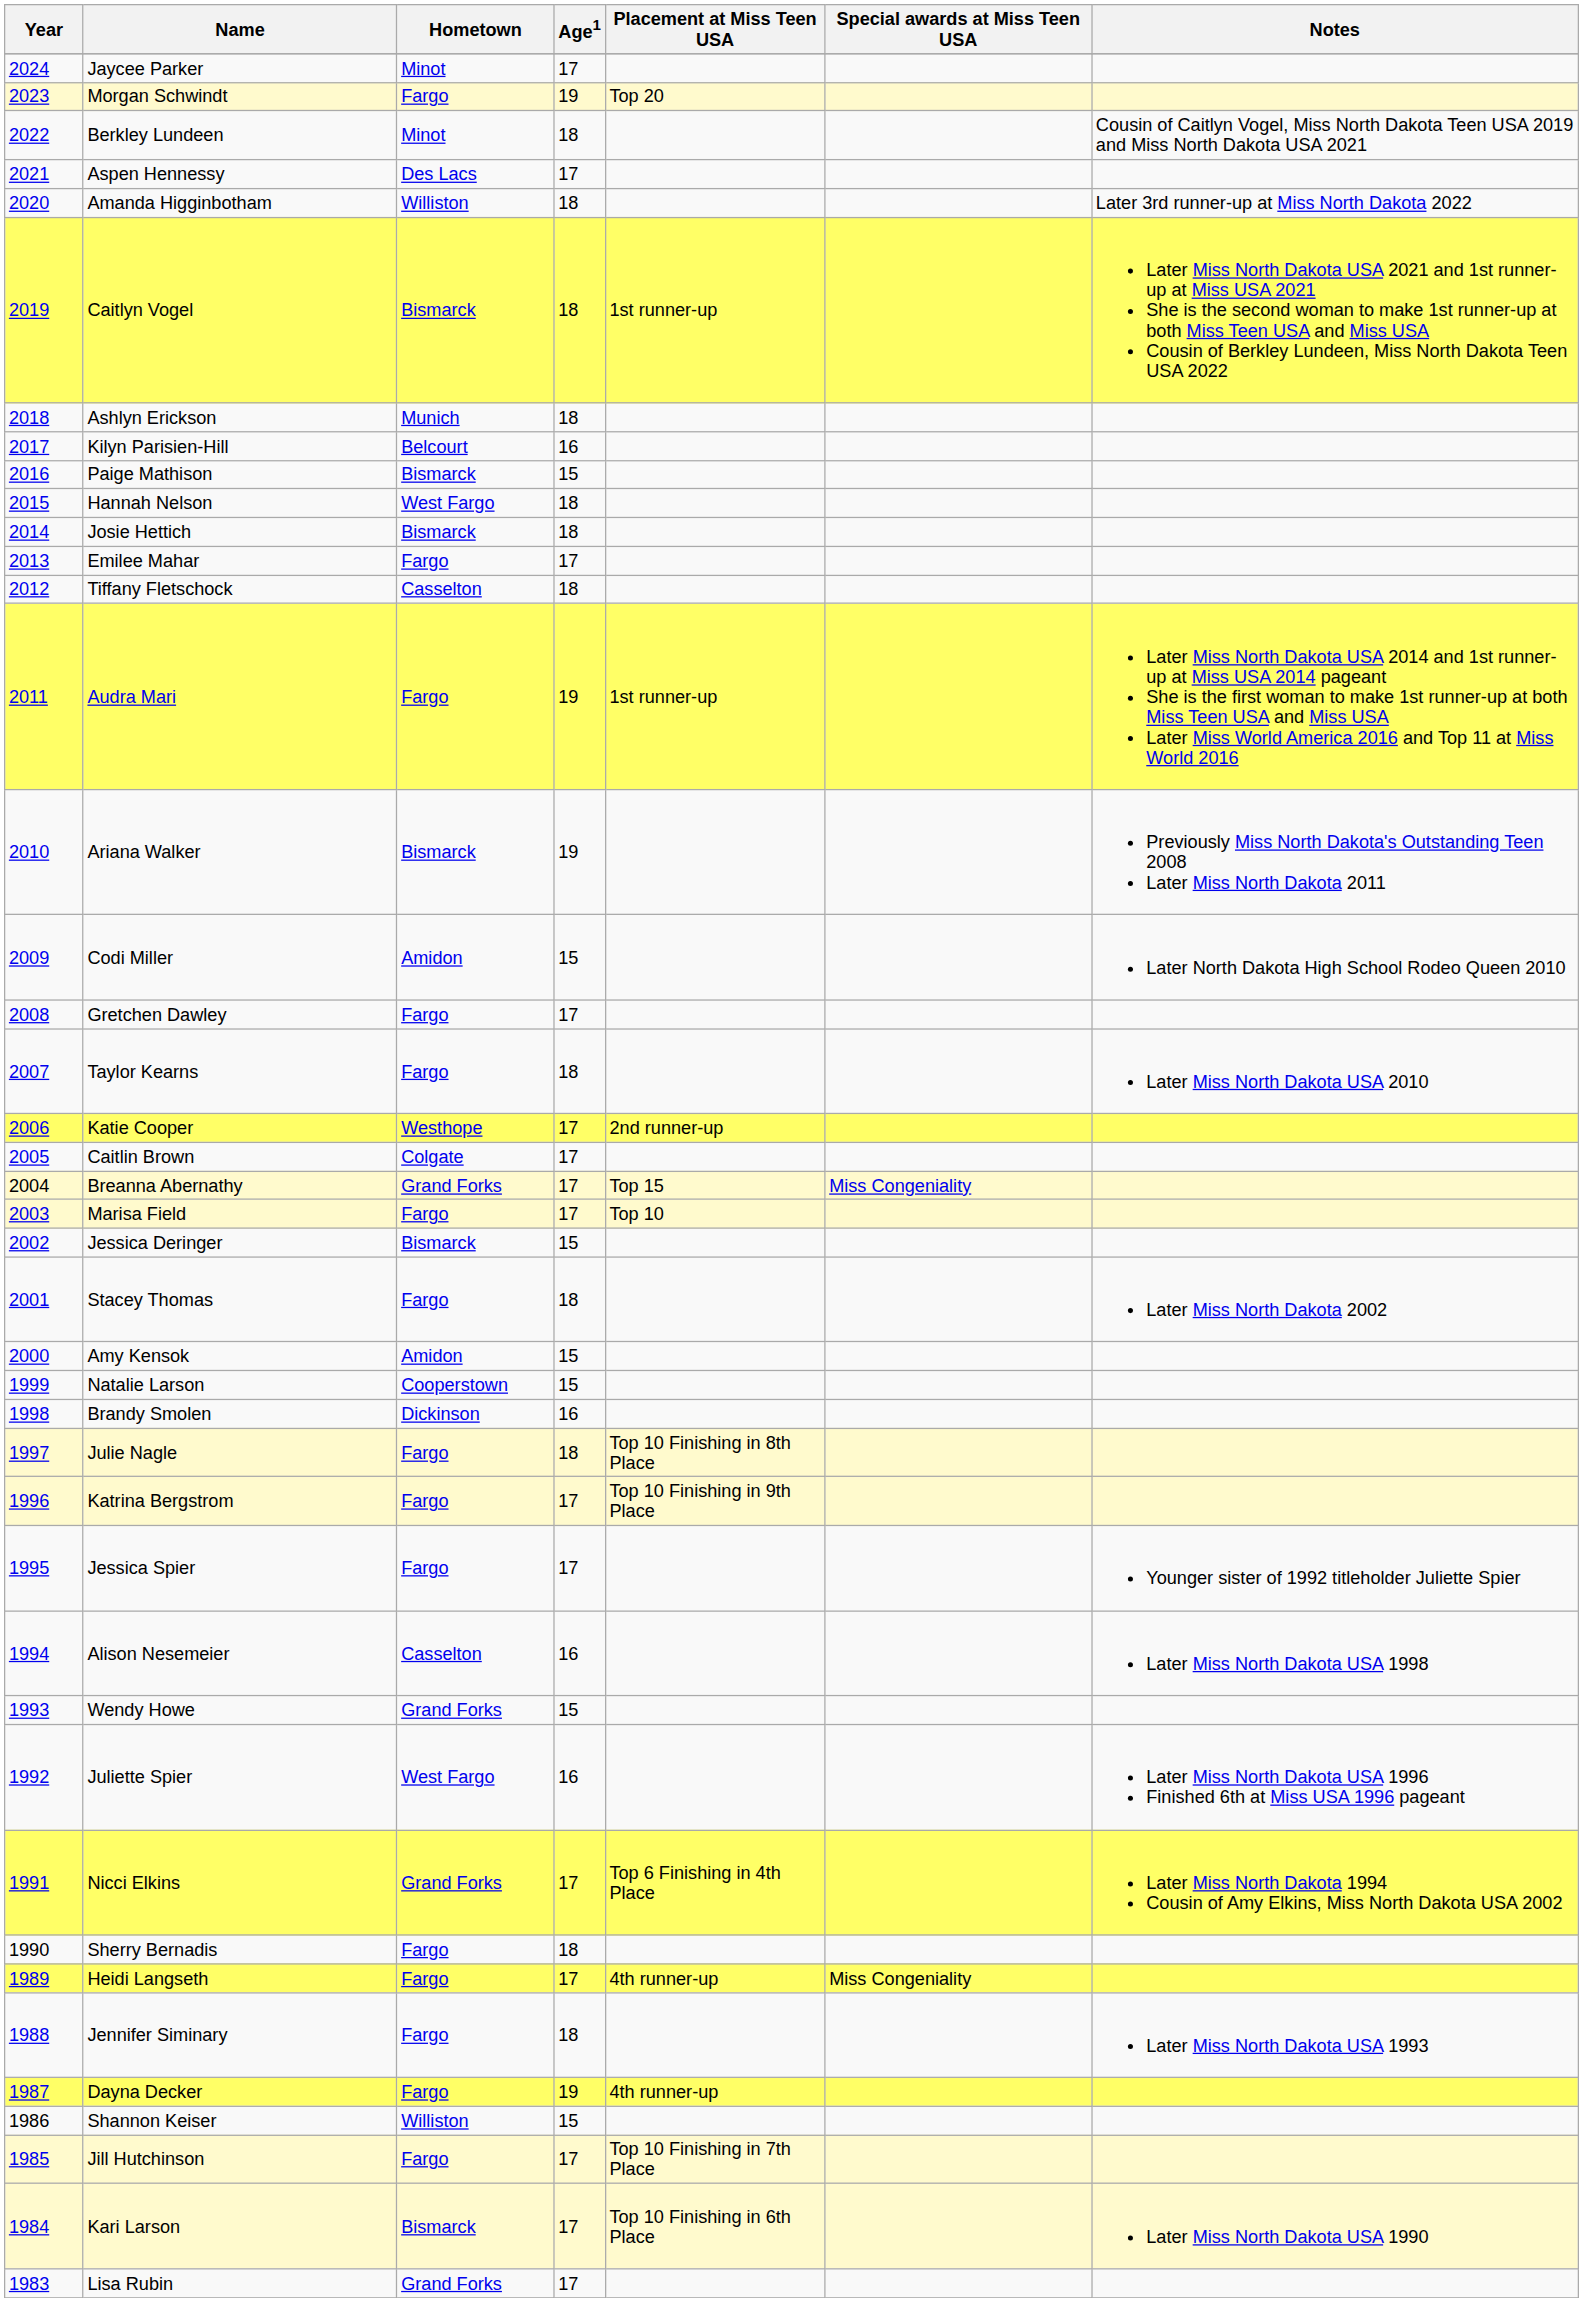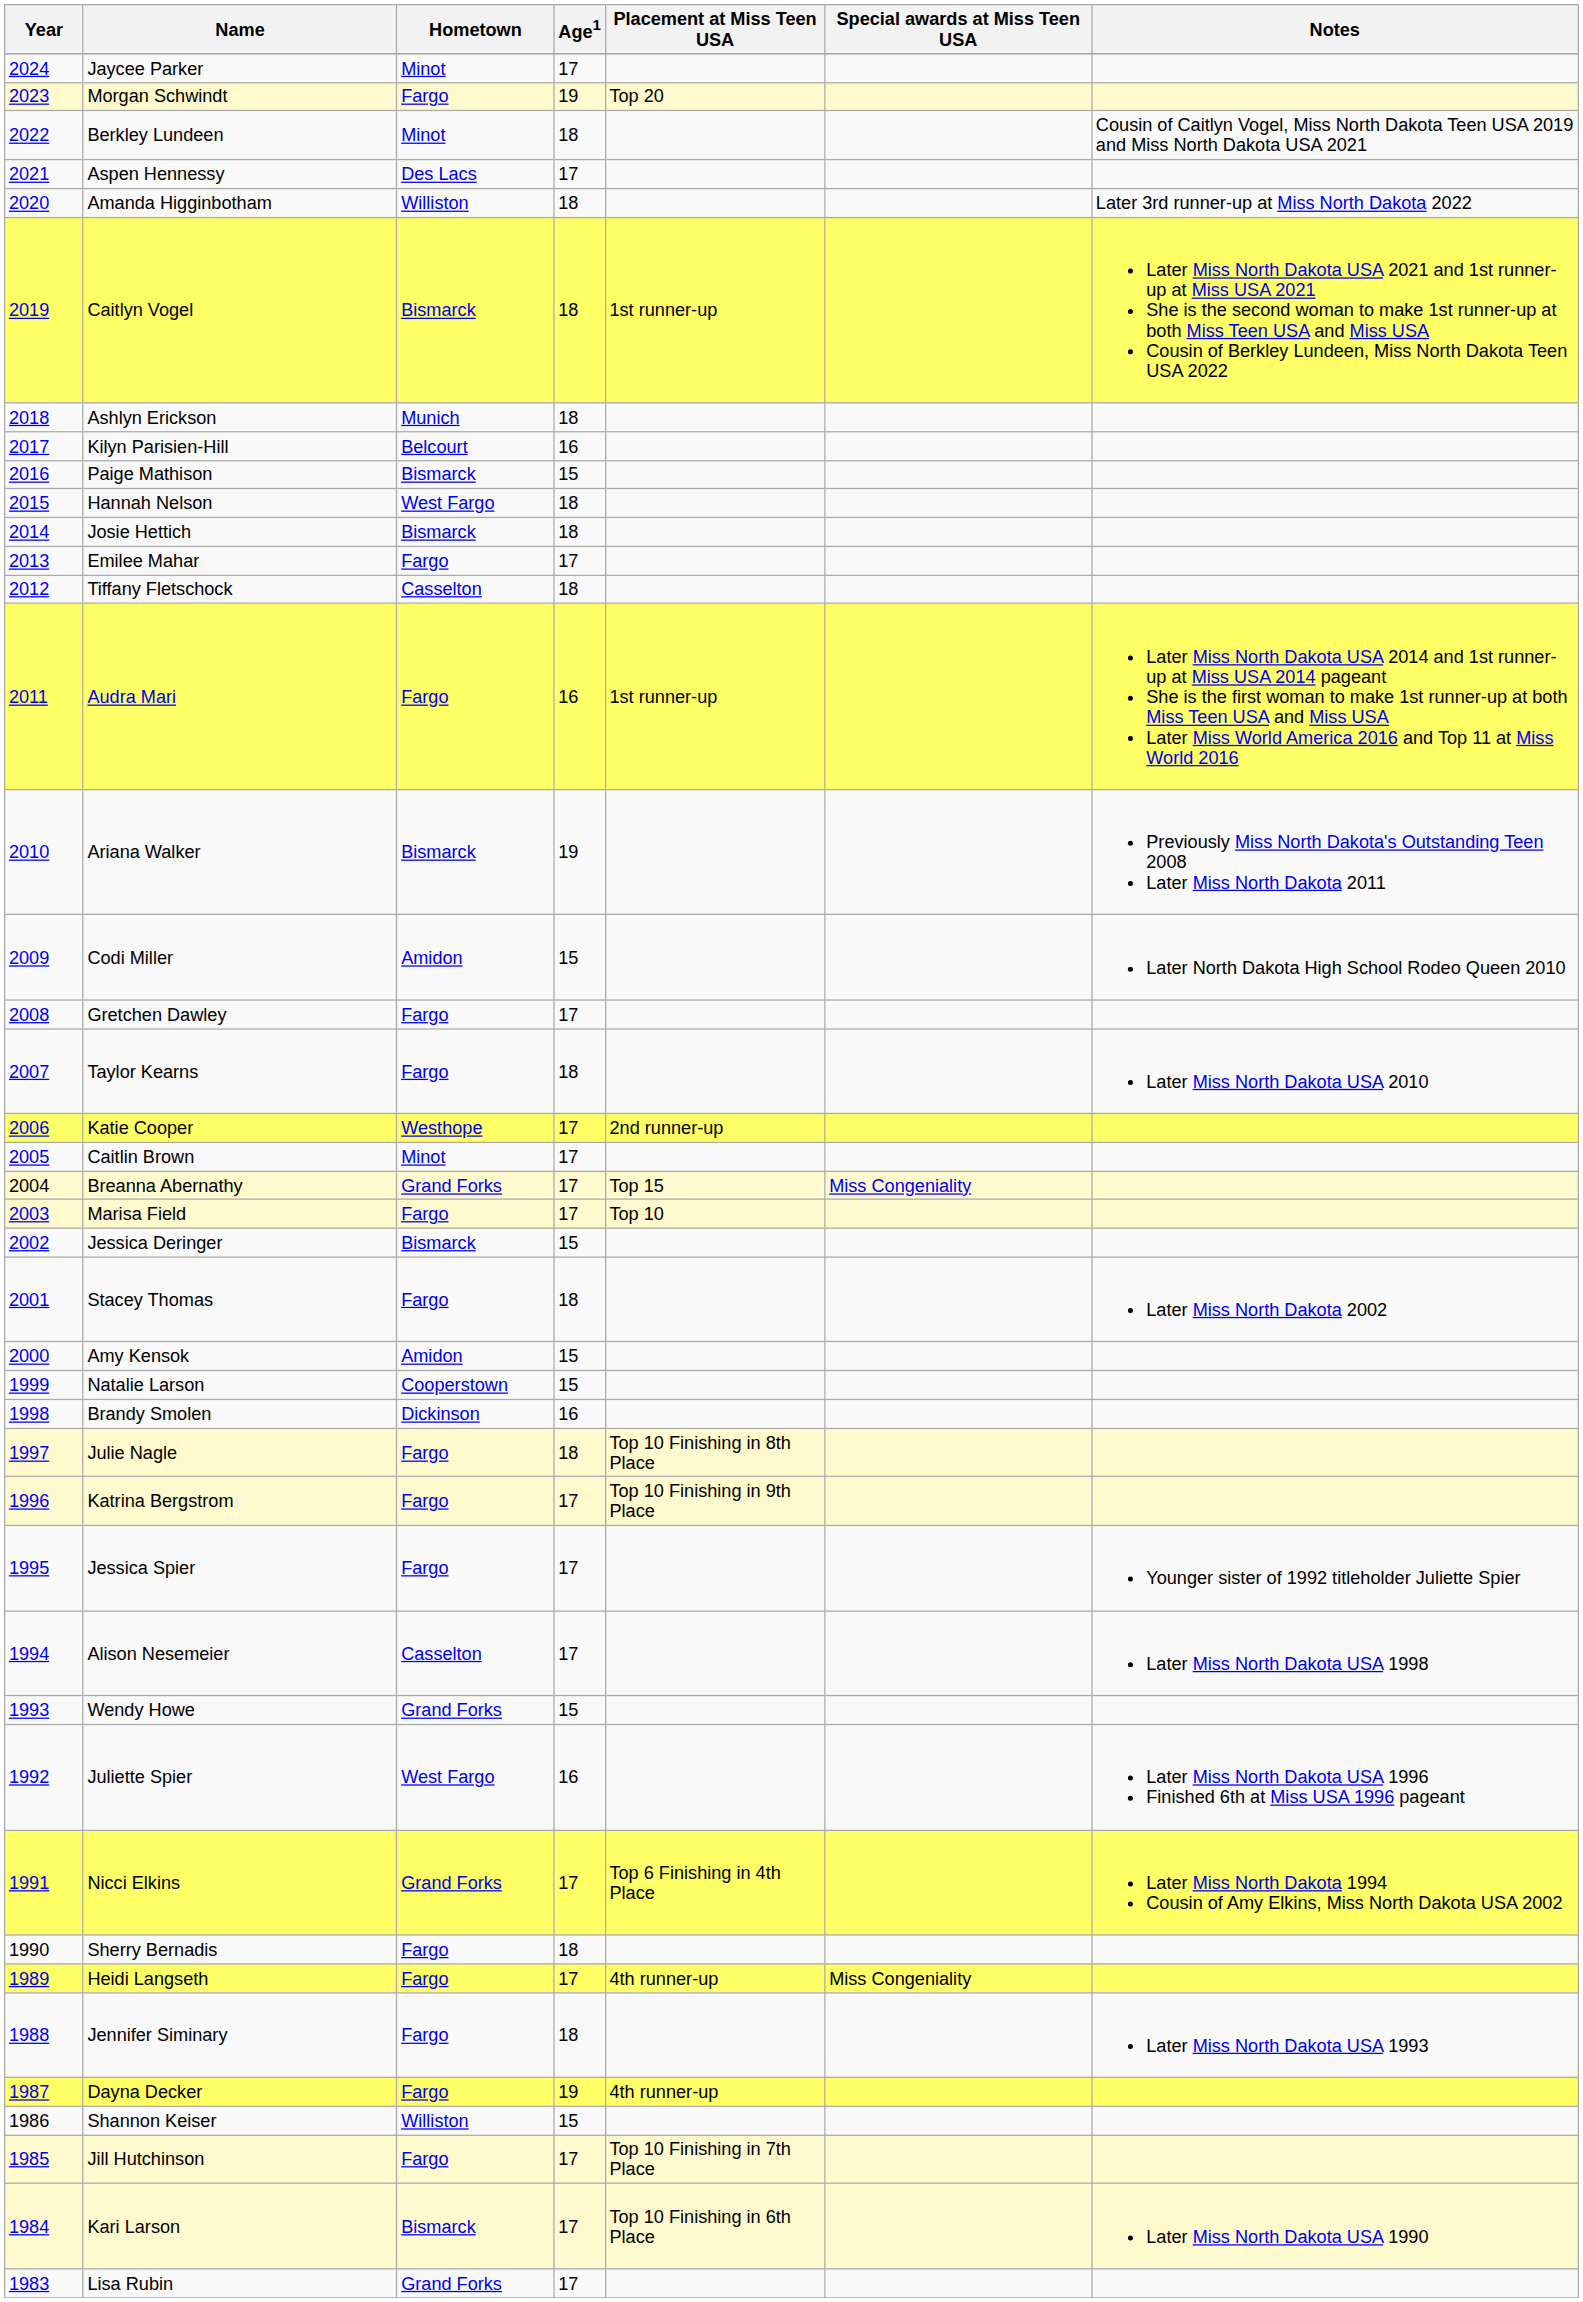 <table class="wikitable"style="font-size:90%;">
 <tr bgcolor="#efefef">
 <th width=5%>Year</th>
 <th width=20%>Name</th>
 <th width=10%>Hometown</th>
 <th width=3%>Age<sup>1</sup></th>
 <th width=14%>Placement at Miss Teen USA</th>
 <th width=17%>Special awards at Miss Teen  USA</th>
 <th width=31%>Notes</th>
 </tr>
 <tr style="background-color:#FFFACD;”">
 </tr>
 <tr>
 <td><a href='#'>2024</a></td>
 <td>Jaycee Parker</td>
 <td><a href='#'>Minot</a></td>
 <td>17</td>
 <td></td>
 <td></td>
 <td></td>
 </tr>
 <tr style="background-color:#FFFACD;”">
 <td><a href='#'>2023</a></td>
 <td>Morgan Schwindt</td>
 <td><a href='#'>Fargo</a></td>
 <td>19</td>
 <td>Top 20</td>
 <td></td>
 <td></td>
 </tr>
 <tr>
 <td><a href='#'>2022</a></td>
 <td>Berkley Lundeen</td>
 <td><a href='#'>Minot</a></td>
 <td>18</td>
 <td></td>
 <td></td>
 <td>Cousin of Caitlyn Vogel, Miss North Dakota Teen USA 2019 and Miss North Dakota USA 2021</td>
 </tr>
 <tr>
 <td><a href='#'>2021</a></td>
 <td>Aspen Hennessy</td>
 <td><a href='#'>Des Lacs</a></td>
 <td>17</td>
 <td></td>
 <td></td>
 <td></td>
 </tr>
 <tr>
 <td><a href='#'>2020</a></td>
 <td>Amanda Higginbotham</td>
 <td><a href='#'>Williston</a></td>
 <td>18</td>
 <td></td>
 <td></td>
 <td>Later 3rd runner-up at <a href='#'>Miss North Dakota</a> 2022</td>
 </tr>
 <tr style="background-color:#FFFF66;”">
 <td><a href='#'>2019</a></td>
 <td>Caitlyn Vogel</td>
 <td><a href='#'>Bismarck</a></td>
 <td>18</td>
 <td>1st runner-up</td>
 <td></td>
 <td><br><ul><li>Later <a href='#'>Miss North Dakota USA</a> 2021 and 1st runner-up at <a href='#'>Miss USA 2021</a></li><li>She is the second woman to make 1st runner-up at both <a href='#'>Miss Teen USA</a> and <a href='#'>Miss USA</a></li><li>Cousin of Berkley Lundeen, Miss North Dakota Teen USA 2022</li></ul></td>
 </tr>
 <tr>
 <td><a href='#'>2018</a></td>
 <td>Ashlyn Erickson</td>
 <td><a href='#'>Munich</a></td>
 <td>18</td>
 <td></td>
 <td></td>
 <td></td>
 </tr>
 <tr>
 <td><a href='#'>2017</a></td>
 <td>Kilyn Parisien-Hill</td>
 <td><a href='#'>Belcourt</a></td>
 <td>16</td>
 <td></td>
 <td></td>
 <td></td>
 </tr>
 <tr>
 <td><a href='#'>2016</a></td>
 <td>Paige Mathison</td>
 <td><a href='#'>Bismarck</a></td>
 <td>15</td>
 <td></td>
 <td></td>
 <td></td>
 </tr>
 <tr>
 <td><a href='#'>2015</a></td>
 <td>Hannah Nelson</td>
 <td><a href='#'>West Fargo</a></td>
 <td>18</td>
 <td></td>
 <td></td>
 <td></td>
 </tr>
 <tr>
 <td><a href='#'>2014</a></td>
 <td>Josie Hettich</td>
 <td><a href='#'>Bismarck</a></td>
 <td>18</td>
 <td></td>
 <td></td>
 <td></td>
 </tr>
 <tr>
 <td><a href='#'>2013</a></td>
 <td>Emilee Mahar</td>
 <td><a href='#'>Fargo</a></td>
 <td>17</td>
 <td></td>
 <td></td>
 <td></td>
 </tr>
 <tr>
 <td><a href='#'>2012</a></td>
 <td>Tiffany Fletschock</td>
 <td><a href='#'>Casselton</a></td>
 <td>18</td>
 <td></td>
 <td></td>
 <td></td>
 </tr>
 <tr style="background-color:#FFFF66;”">
 <td><a href='#'>2011</a></td>
 <td><a href='#'>Audra Mari</a></td>
 <td><a href='#'>Fargo</a></td>
-<td>19</td>
+<td>16</td>
 <td>1st runner-up</td>
 <td></td>
 <td><br><ul><li>Later <a href='#'>Miss North Dakota USA</a> 2014 and 1st runner-up at <a href='#'>Miss USA 2014</a> pageant</li><li>She is the first woman to make 1st runner-up at both <a href='#'>Miss Teen USA</a> and <a href='#'>Miss USA</a></li><li>Later <a href='#'>Miss World America 2016</a> and Top 11 at <a href='#'>Miss World 2016</a></li></ul></td>
 </tr>
 <tr>
 <td><a href='#'>2010</a></td>
 <td>Ariana Walker</td>
 <td><a href='#'>Bismarck</a></td>
 <td>19</td>
 <td></td>
 <td></td>
 <td><br><ul><li>Previously <a href='#'>Miss North Dakota's Outstanding Teen</a> 2008</li><li>Later <a href='#'>Miss North Dakota</a> 2011</li></ul></td>
 </tr>
 <tr>
 <td><a href='#'>2009</a></td>
 <td>Codi Miller</td>
 <td><a href='#'>Amidon</a></td>
 <td>15</td>
 <td></td>
 <td></td>
 <td><br><ul><li>Later North Dakota High School Rodeo Queen 2010</li></ul></td>
 </tr>
 <tr>
 <td><a href='#'>2008</a></td>
 <td>Gretchen Dawley</td>
 <td><a href='#'>Fargo</a></td>
 <td>17</td>
 <td></td>
 <td></td>
 <td></td>
 </tr>
 <tr>
 <td><a href='#'>2007</a></td>
 <td>Taylor Kearns</td>
 <td><a href='#'>Fargo</a></td>
 <td>18</td>
 <td></td>
 <td></td>
 <td><br><ul><li>Later <a href='#'>Miss North Dakota USA</a> 2010</li></ul></td>
 </tr>
 <tr style="background-color:#FFFF66;”">
 <td><a href='#'>2006</a></td>
 <td>Katie Cooper</td>
 <td><a href='#'>Westhope</a></td>
 <td>17</td>
 <td>2nd runner-up</td>
 <td></td>
 <td></td>
 </tr>
 <tr>
 <td><a href='#'>2005</a></td>
 <td>Caitlin Brown</td>
-<td><a href='#'>Colgate</a></td>
+<td><a href='#'>Minot</a></td>
 <td>17</td>
 <td></td>
 <td></td>
 <td></td>
 </tr>
 <tr style="background-color:#FFFACD;”">
 <td>2004</td>
 <td>Breanna Abernathy</td>
 <td><a href='#'>Grand Forks</a></td>
 <td>17</td>
 <td>Top 15</td>
 <td><a href='#'>Miss Congeniality</a></td>
 <td></td>
 </tr>
 <tr style="background-color:#FFFACD;”">
 <td><a href='#'>2003</a></td>
 <td>Marisa Field</td>
 <td><a href='#'>Fargo</a></td>
 <td>17</td>
 <td>Top 10</td>
 <td></td>
 <td></td>
 </tr>
 <tr>
 <td><a href='#'>2002</a></td>
 <td>Jessica Deringer</td>
 <td><a href='#'>Bismarck</a></td>
 <td>15</td>
 <td></td>
 <td></td>
 <td></td>
 </tr>
 <tr>
 <td><a href='#'>2001</a></td>
 <td>Stacey Thomas</td>
 <td><a href='#'>Fargo</a></td>
 <td>18</td>
 <td></td>
 <td></td>
 <td><br><ul><li>Later <a href='#'>Miss North Dakota</a> 2002</li></ul></td>
 </tr>
 <tr>
 <td><a href='#'>2000</a></td>
 <td>Amy Kensok</td>
 <td><a href='#'>Amidon</a></td>
 <td>15</td>
 <td></td>
 <td></td>
 <td></td>
 </tr>
 <tr>
 <td><a href='#'>1999</a></td>
 <td>Natalie Larson</td>
 <td><a href='#'>Cooperstown</a></td>
 <td>15</td>
 <td></td>
 <td></td>
 <td></td>
 </tr>
 <tr>
 <td><a href='#'>1998</a></td>
 <td>Brandy Smolen</td>
 <td><a href='#'>Dickinson</a></td>
 <td>16</td>
 <td></td>
 <td></td>
 <td></td>
 </tr>
 <tr style="background-color:#FFFACD;”">
 <td><a href='#'>1997</a></td>
 <td>Julie Nagle</td>
 <td><a href='#'>Fargo</a></td>
 <td>18</td>
 <td>Top 10 Finishing in 8th Place</td>
 <td></td>
 <td></td>
 </tr>
 <tr style="background-color:#FFFACD;”">
 <td><a href='#'>1996</a></td>
 <td>Katrina Bergstrom</td>
 <td><a href='#'>Fargo</a></td>
 <td>17</td>
 <td>Top 10 Finishing in 9th Place</td>
 <td></td>
 <td></td>
 </tr>
 <tr>
 <td><a href='#'>1995</a></td>
 <td>Jessica Spier</td>
 <td><a href='#'>Fargo</a></td>
 <td>17</td>
 <td></td>
 <td></td>
 <td><br><ul><li>Younger sister of 1992 titleholder Juliette Spier</li></ul></td>
 </tr>
 <tr>
 <td><a href='#'>1994</a></td>
 <td>Alison Nesemeier</td>
 <td><a href='#'>Casselton</a></td>
-<td>16</td>
+<td>17</td>
 <td></td>
 <td></td>
 <td><br><ul><li>Later <a href='#'>Miss North Dakota USA</a> 1998</li></ul></td>
 </tr>
 <tr>
 <td><a href='#'>1993</a></td>
 <td>Wendy Howe</td>
 <td><a href='#'>Grand Forks</a></td>
 <td>15</td>
 <td></td>
 <td></td>
 <td></td>
 </tr>
 <tr>
 <td><a href='#'>1992</a></td>
 <td>Juliette Spier</td>
 <td><a href='#'>West Fargo</a></td>
 <td>16</td>
 <td></td>
 <td></td>
 <td><br><ul><li>Later <a href='#'>Miss North Dakota USA</a> 1996</li><li>Finished 6th at <a href='#'>Miss USA 1996</a> pageant</li></ul></td>
 </tr>
 <tr style="background-color:#FFFF66;”">
 <td><a href='#'>1991</a></td>
 <td>Nicci Elkins</td>
 <td><a href='#'>Grand Forks</a></td>
 <td>17</td>
 <td>Top 6 Finishing in 4th Place</td>
 <td></td>
 <td><br><ul><li>Later <a href='#'>Miss North Dakota</a> 1994</li><li>Cousin of Amy Elkins, Miss North Dakota USA 2002</li></ul></td>
 </tr>
 <tr>
 <td Miss Teen USA 1990>1990</td>
 <td>Sherry Bernadis</td>
 <td><a href='#'>Fargo</a></td>
 <td>18</td>
 <td></td>
 <td></td>
 <td></td>
 </tr>
 <tr style="background-color:#FFFF66;”">
 <td><a href='#'>1989</a></td>
 <td>Heidi Langseth</td>
 <td><a href='#'>Fargo</a></td>
 <td>17</td>
 <td>4th runner-up</td>
 <td>Miss Congeniality</td>
 <td></td>
 </tr>
 <tr>
 <td><a href='#'>1988</a></td>
 <td>Jennifer Siminary</td>
 <td><a href='#'>Fargo</a></td>
 <td>18</td>
 <td></td>
 <td></td>
 <td><br><ul><li>Later <a href='#'>Miss North Dakota USA</a> 1993</li></ul></td>
 </tr>
 <tr style="background-color:#FFFF66;”">
 <td><a href='#'>1987</a></td>
 <td>Dayna Decker</td>
 <td><a href='#'>Fargo</a></td>
 <td>19</td>
 <td>4th runner-up</td>
 <td></td>
 <td></td>
 </tr>
 <tr>
 <td>1986</td>
 <td>Shannon Keiser</td>
 <td><a href='#'>Williston</a></td>
 <td>15</td>
 <td></td>
 <td></td>
 <td></td>
 </tr>
 <tr style="background-color:#FFFACD;”">
 <td><a href='#'>1985</a></td>
 <td>Jill Hutchinson</td>
 <td><a href='#'>Fargo</a></td>
 <td>17</td>
 <td>Top 10 Finishing in 7th Place</td>
 <td></td>
 <td></td>
 </tr>
 <tr style="background-color:#FFFACD;”">
 <td><a href='#'>1984</a></td>
 <td>Kari Larson</td>
 <td><a href='#'>Bismarck</a></td>
 <td>17</td>
 <td>Top 10 Finishing in 6th Place</td>
 <td></td>
 <td><br><ul><li>Later <a href='#'>Miss North Dakota USA</a> 1990</li></ul></td>
 </tr>
 <tr>
 <td><a href='#'>1983</a></td>
 <td>Lisa Rubin</td>
 <td><a href='#'>Grand Forks</a></td>
 <td>17</td>
 <td></td>
 <td></td>
 <td></td>
 </tr>
 </table>
